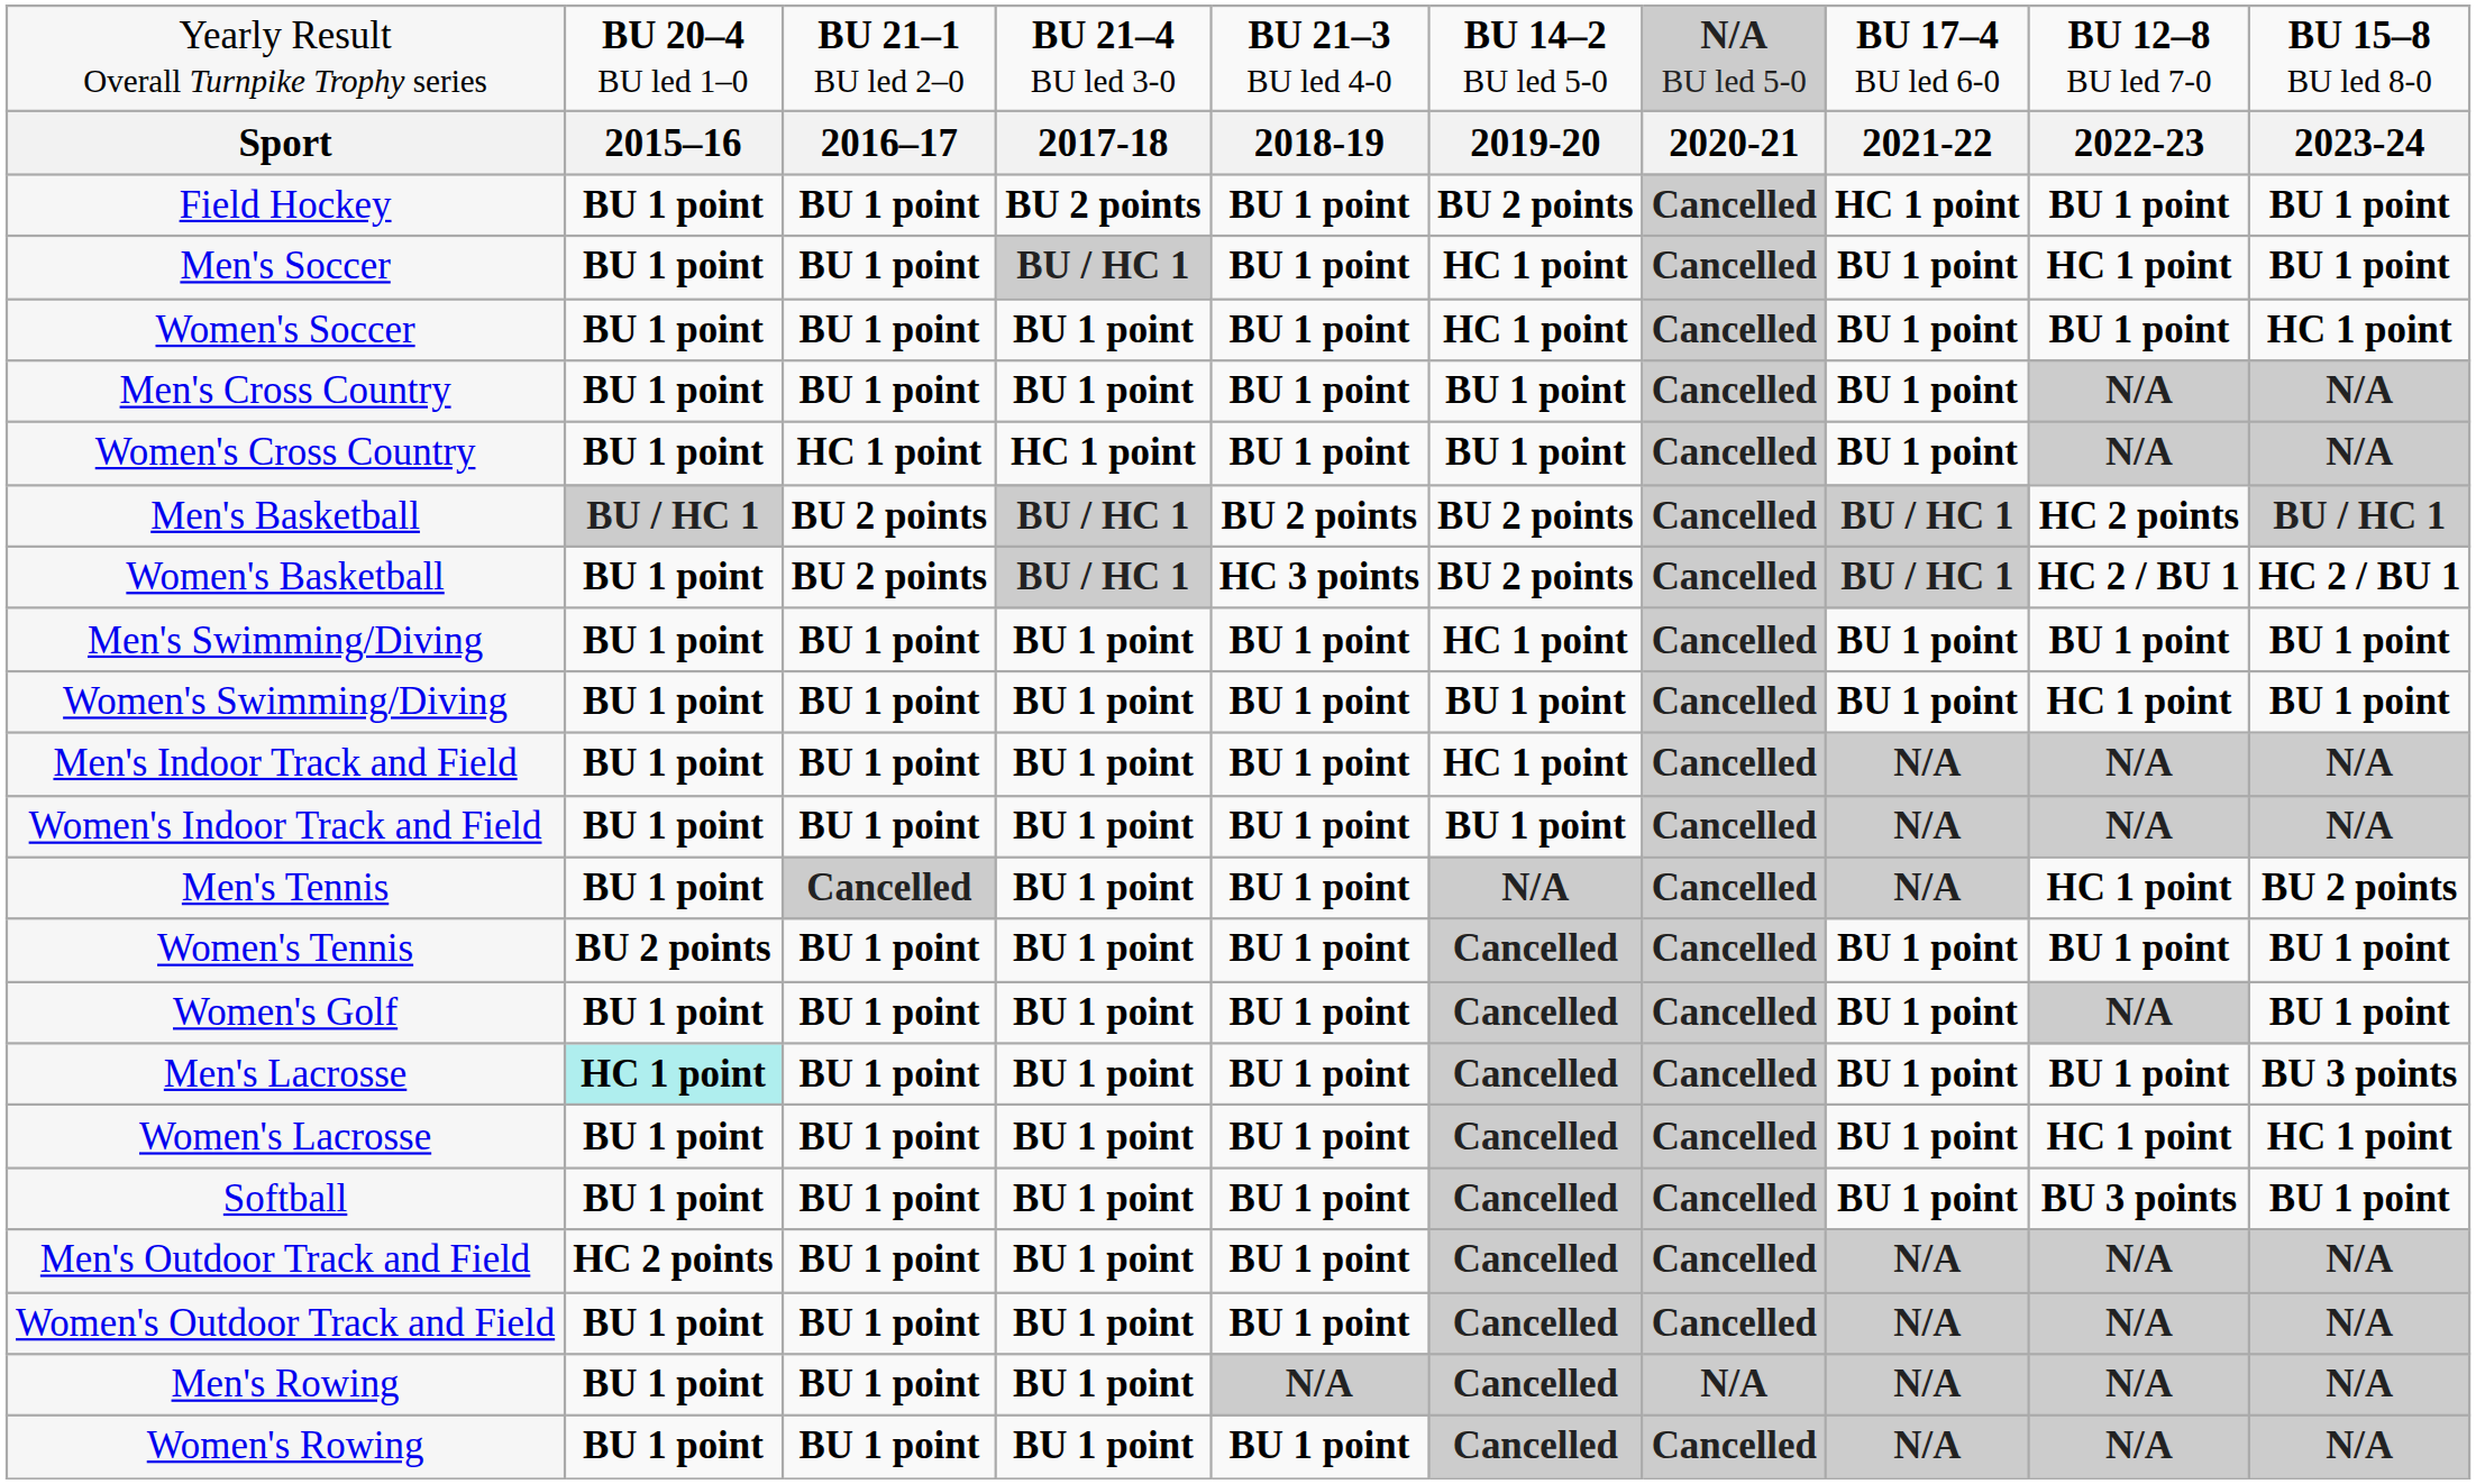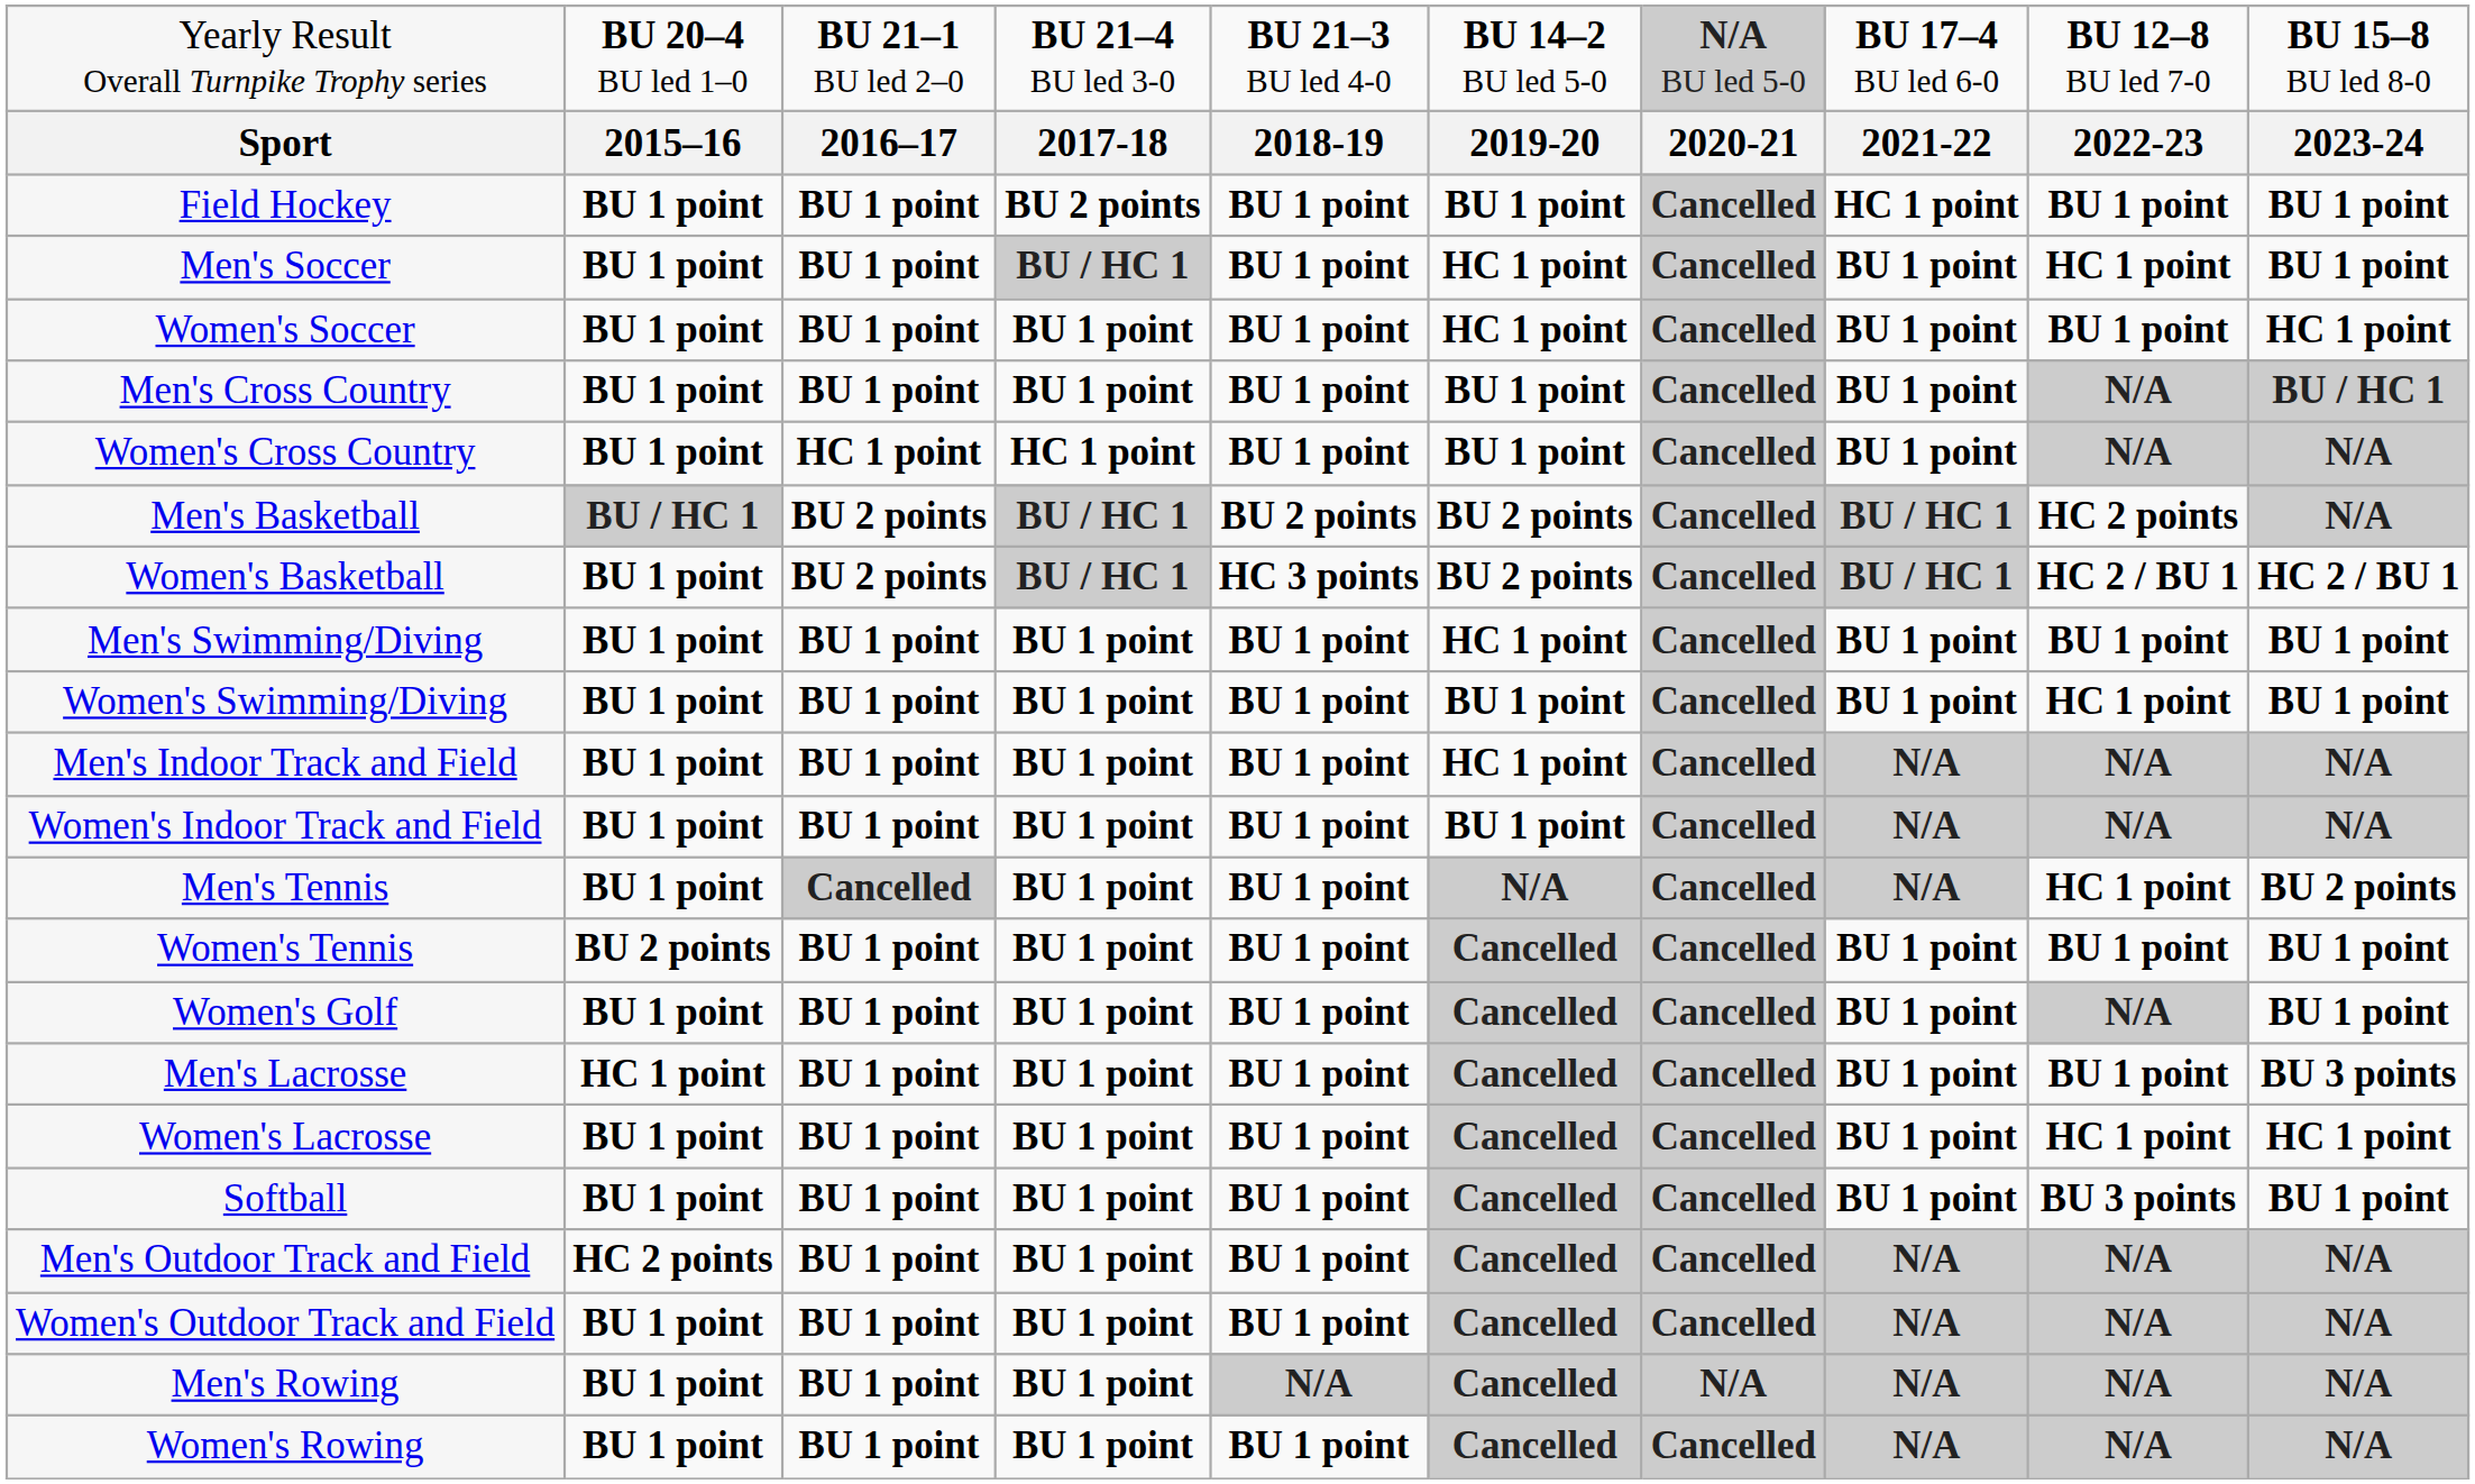 <table class="wikitable" style="margin-left: 1em; margin-bottom: 1em; text-align: center">
 <tr>
 <td style="background: #f6f6f6;">Yearly Result <br><small>Overall <em>Turnpike Trophy</em> series</small></td>
 <td><strong>BU 20–4</strong><br><small>BU led 1–0</small></td>
 <td><strong>BU 21–1</strong><br><small>BU led 2–0</small></td>
 <td><strong>BU 21–4</strong><br><small>BU led 3-0</small></td>
 <td><strong>BU 21–3</strong><br><small>BU led 4-0</small></td>
 <td><strong>BU 14–2</strong><br><small>BU led 5-0</small></td>
 <td style="background:#ccc; color:#222;"><strong>N/A</strong><br><small>BU led 5-0</small></td>
 <td><strong>BU 17–4</strong><br><small>BU led 6-0</small></td>
 <td><strong>BU 12–8</strong><br><small>BU led 7-0</small></td>
 <td><strong>BU 15–8</strong><br><small>BU led 8-0</small></td>
 </tr>
 <tr>
 <th>Sport</th>
 <th>2015–16 </th>
 <th>2016–17 </th>
 <th>2017-18</th>
 <th>2018-19</th>
 <th>2019-20</th>
 <th>2020-21</th>
 <th>2021-22</th>
 <th>2022-23</th>
 <th>2023-24</th>
 </tr>
 <tr>
 <td style="background: #f6f6f6;"><a href='#'>Field Hockey</a></td>
 <td><strong>BU 1 point</strong></td>
 <td><strong>BU 1 point</strong></td>
 <td><strong>BU 2 points</strong></td>
 <td><strong>BU 1 point</strong></td>
-<td><strong>BU 2 points</strong></td>
+<td><strong>BU 1 point</strong></td>
 <td style="background:#ccc; color:#222;"><strong>Cancelled</strong></td>
 <td><strong>HC 1 point</strong></td>
 <td><strong>BU 1 point</strong></td>
 <td><strong>BU 1 point</strong></td>
 </tr>
 <tr>
 <td style="background: #f6f6f6;"><a href='#'>Men's Soccer</a></td>
 <td><strong>BU 1 point</strong></td>
 <td><strong>BU 1 point</strong></td>
 <td style="background:#ccc; color:#222;"><strong>BU / HC 1</strong></td>
 <td><strong>BU 1 point</strong></td>
 <td><strong>HC 1 point</strong></td>
 <td style="background:#ccc; color:#222;"><strong>Cancelled</strong></td>
 <td><strong>BU 1 point</strong></td>
 <td><strong>HC 1 point</strong></td>
 <td><strong>BU 1 point</strong></td>
 </tr>
 <tr>
 <td style="background: #f6f6f6;"><a href='#'>Women's Soccer</a></td>
 <td><strong>BU 1 point</strong></td>
 <td><strong>BU 1 point</strong></td>
 <td><strong>BU 1 point</strong></td>
 <td><strong>BU 1 point</strong></td>
 <td><strong>HC 1 point</strong></td>
 <td style="background:#ccc; color:#222;"><strong>Cancelled</strong></td>
 <td><strong>BU 1 point</strong></td>
 <td><strong>BU 1 point</strong></td>
 <td><strong>HC 1 point</strong></td>
 </tr>
 <tr>
 <td style="background: #f6f6f6;"><a href='#'>Men's Cross Country</a></td>
 <td><strong>BU 1 point</strong></td>
 <td><strong>BU 1 point</strong></td>
 <td><strong>BU 1 point</strong></td>
 <td><strong>BU 1 point</strong></td>
 <td><strong>BU 1 point</strong></td>
 <td style="background:#ccc; color:#222;"><strong>Cancelled</strong></td>
 <td><strong>BU 1 point</strong></td>
 <td style="background:#ccc; color:#222;"><strong>N/A</strong></td>
-<td style="background:#ccc; color:#222;"><strong>N/A</strong></td>
+<td style="background:#ccc; color:#222;"><strong>BU / HC 1</strong></td>
 </tr>
 <tr>
 <td style="background: #f6f6f6;"><a href='#'>Women's Cross Country</a></td>
 <td><strong>BU 1 point</strong></td>
 <td><strong>HC 1 point</strong></td>
 <td><strong>HC 1 point</strong></td>
 <td><strong>BU 1 point</strong></td>
 <td><strong>BU 1 point</strong></td>
 <td style="background:#ccc; color:#222;"><strong>Cancelled</strong></td>
 <td><strong>BU 1 point</strong></td>
 <td style="background:#ccc; color:#222;"><strong>N/A</strong></td>
 <td style="background:#ccc; color:#222;"><strong>N/A</strong></td>
 </tr>
 <tr>
 <td style="background: #f6f6f6;"><a href='#'>Men's Basketball</a></td>
 <td style="background:#ccc; color:#222;"><strong>BU / HC 1</strong></td>
 <td><strong>BU 2 points</strong></td>
 <td style="background:#ccc; color:#222;"><strong>BU / HC 1</strong></td>
 <td><strong>BU 2 points</strong></td>
 <td><strong>BU 2 points</strong></td>
 <td style="background:#ccc; color:#222;"><strong>Cancelled</strong></td>
 <td style="background:#ccc; color:#222;"><strong>BU / HC 1</strong></td>
 <td><strong>HC 2 points</strong></td>
-<td style="background:#ccc; color:#222;"><strong>BU / HC 1</strong></td>
+<td style="background:#ccc; color:#222;"><strong>N/A</strong></td>
 </tr>
 <tr>
 <td style="background: #f6f6f6;"><a href='#'>Women's Basketball</a></td>
 <td><strong>BU 1 point</strong></td>
 <td><strong>BU 2 points</strong></td>
 <td style="background:#ccc; color:#222;"><strong>BU / HC 1</strong></td>
 <td><strong>HC 3 points</strong></td>
 <td><strong>BU 2 points</strong></td>
 <td style="background:#ccc; color:#222;"><strong>Cancelled</strong></td>
 <td style="background:#ccc; color:#222;"><strong>BU / HC 1</strong></td>
 <td><strong>HC 2 / BU 1 </strong></td>
 <td><strong>HC 2 / BU 1 </strong></td>
 </tr>
 <tr>
 <td style="background: #f6f6f6;"><a href='#'>Men's Swimming/Diving</a></td>
 <td><strong>BU 1 point</strong></td>
 <td><strong>BU 1 point</strong></td>
 <td><strong>BU 1 point</strong></td>
 <td><strong>BU 1 point</strong></td>
 <td><strong>HC 1 point</strong></td>
 <td style="background:#ccc; color:#222;"><strong>Cancelled</strong></td>
 <td><strong>BU 1 point</strong></td>
 <td><strong>BU 1 point</strong></td>
 <td><strong>BU 1 point</strong></td>
 </tr>
 <tr>
 <td style="background: #f6f6f6;"><a href='#'>Women's Swimming/Diving</a></td>
 <td><strong>BU 1 point</strong></td>
 <td><strong>BU 1 point</strong></td>
 <td><strong>BU 1 point</strong></td>
 <td><strong>BU 1 point</strong></td>
 <td><strong>BU 1 point</strong></td>
 <td style="background:#ccc; color:#222;"><strong>Cancelled</strong></td>
 <td><strong>BU 1 point</strong></td>
 <td><strong>HC 1 point</strong></td>
 <td><strong>BU 1 point</strong></td>
 </tr>
 <tr>
 <td style="background: #f6f6f6;"><a href='#'>Men's Indoor Track and Field</a></td>
 <td><strong>BU 1 point</strong></td>
 <td><strong>BU 1 point</strong></td>
 <td><strong>BU 1 point</strong></td>
 <td><strong>BU 1 point</strong></td>
 <td><strong>HC 1 point</strong></td>
 <td style="background:#ccc; color:#222;"><strong>Cancelled</strong></td>
 <td style="background:#ccc; color:#222;"><strong>N/A</strong></td>
 <td style="background:#ccc; color:#222;"><strong>N/A</strong></td>
 <td style="background:#ccc; color:#222;"><strong>N/A</strong></td>
 </tr>
 <tr>
 <td style="background: #f6f6f6;"><a href='#'>Women's Indoor Track and Field</a></td>
 <td><strong>BU 1 point</strong></td>
 <td><strong>BU 1 point</strong></td>
 <td><strong>BU 1 point</strong></td>
 <td><strong>BU 1 point</strong></td>
 <td><strong>BU 1 point</strong></td>
 <td style="background:#ccc; color:#222;"><strong>Cancelled</strong></td>
 <td style="background:#ccc; color:#222;"><strong>N/A</strong></td>
 <td style="background:#ccc; color:#222;"><strong>N/A</strong></td>
 <td style="background:#ccc; color:#222;"><strong>N/A</strong></td>
 </tr>
 <tr>
 <td style="background: #f6f6f6;"><a href='#'>Men's Tennis</a></td>
 <td><strong>BU 1 point</strong></td>
 <td style="background:#ccc; color:#222;"><strong>Cancelled</strong></td>
 <td><strong>BU 1 point</strong></td>
 <td><strong>BU 1 point</strong></td>
 <td style="background:#ccc; color:#222;"><strong>N/A</strong></td>
 <td style="background:#ccc; color:#222;"><strong>Cancelled</strong></td>
 <td style="background:#ccc; color:#222;"><strong>N/A</strong></td>
 <td><strong>HC 1 point</strong></td>
 <td><strong>BU 2 points</strong></td>
 </tr>
 <tr>
 <td style="background: #f6f6f6;"><a href='#'>Women's Tennis</a></td>
 <td><strong>BU 2 points</strong></td>
 <td><strong>BU 1 point</strong></td>
 <td><strong>BU 1 point</strong></td>
 <td><strong>BU 1 point</strong></td>
 <td style="background:#ccc; color:#222;"><strong>Cancelled</strong></td>
 <td style="background:#ccc; color:#222;"><strong>Cancelled</strong></td>
 <td><strong>BU 1 point</strong></td>
 <td><strong>BU 1 point</strong></td>
 <td><strong>BU 1 point</strong></td>
 </tr>
 <tr>
 <td style="background: #f6f6f6;"><a href='#'>Women's Golf</a></td>
 <td><strong>BU 1 point</strong></td>
 <td><strong>BU 1 point</strong></td>
 <td><strong>BU 1 point</strong></td>
 <td><strong>BU 1 point</strong></td>
 <td style="background:#ccc; color:#222;"><strong>Cancelled</strong></td>
 <td style="background:#ccc; color:#222;"><strong>Cancelled</strong></td>
 <td><strong>BU 1 point</strong></td>
 <td style="background:#ccc; color:#222;"><strong>N/A</strong></td>
 <td><strong>BU 1 point</strong></td>
 </tr>
 <tr>
 <td style="background: #f6f6f6;"><a href='#'>Men's Lacrosse</a></td>
-<td style="background: paleturquoise;"><strong>HC 1 point</strong></td>
+<td><strong>HC 1 point</strong></td>
 <td><strong>BU 1 point</strong></td>
 <td><strong>BU 1 point</strong></td>
 <td><strong>BU 1 point</strong></td>
 <td style="background:#ccc; color:#222;"><strong>Cancelled</strong></td>
 <td style="background:#ccc; color:#222;"><strong>Cancelled</strong></td>
 <td><strong>BU 1 point</strong></td>
 <td><strong>BU 1 point</strong></td>
 <td><strong>BU 3 points</strong></td>
 </tr>
 <tr>
 <td style="background: #f6f6f6;"><a href='#'>Women's Lacrosse</a></td>
 <td><strong>BU 1 point</strong></td>
 <td><strong>BU 1 point</strong></td>
 <td><strong>BU 1 point</strong></td>
 <td><strong>BU 1 point</strong></td>
 <td style="background:#ccc; color:#222;"><strong>Cancelled</strong></td>
 <td style="background:#ccc; color:#222;"><strong>Cancelled</strong></td>
 <td><strong>BU 1 point</strong></td>
 <td><strong>HC 1 point</strong></td>
 <td><strong>HC 1 point</strong></td>
 </tr>
 <tr>
 <td style="background: #f6f6f6;"><a href='#'>Softball</a></td>
 <td><strong>BU 1 point</strong></td>
 <td><strong>BU 1 point</strong></td>
 <td><strong>BU 1 point</strong></td>
 <td><strong>BU 1 point</strong></td>
 <td style="background:#ccc; color:#222;"><strong>Cancelled</strong></td>
 <td style="background:#ccc; color:#222;"><strong>Cancelled</strong></td>
 <td><strong>BU 1 point</strong></td>
 <td><strong>BU 3 points</strong></td>
 <td><strong>BU 1 point</strong></td>
 </tr>
 <tr>
 <td style="background: #f6f6f6;"><a href='#'>Men's Outdoor Track and Field</a></td>
 <td><strong>HC 2 points</strong></td>
 <td><strong>BU 1 point</strong></td>
 <td><strong>BU 1 point</strong></td>
 <td><strong>BU 1 point</strong></td>
 <td style="background:#ccc; color:#222;"><strong>Cancelled</strong></td>
 <td style="background:#ccc; color:#222;"><strong>Cancelled</strong></td>
 <td style="background:#ccc; color:#222;"><strong>N/A</strong></td>
 <td style="background:#ccc; color:#222;"><strong>N/A</strong></td>
 <td style="background:#ccc; color:#222;"><strong>N/A</strong></td>
 </tr>
 <tr>
 <td style="background: #f6f6f6;"><a href='#'>Women's Outdoor Track and Field</a></td>
 <td><strong>BU 1 point</strong></td>
 <td><strong>BU 1 point</strong></td>
 <td><strong>BU 1 point</strong></td>
 <td><strong>BU 1 point</strong></td>
 <td style="background:#ccc; color:#222;"><strong>Cancelled</strong></td>
 <td style="background:#ccc; color:#222;"><strong>Cancelled</strong></td>
 <td style="background:#ccc; color:#222;"><strong>N/A</strong></td>
 <td style="background:#ccc; color:#222;"><strong>N/A</strong></td>
 <td style="background:#ccc; color:#222;"><strong>N/A</strong></td>
 </tr>
 <tr>
 <td style="background: #f6f6f6;"><a href='#'>Men's Rowing</a></td>
 <td><strong>BU 1 point</strong></td>
 <td><strong>BU 1 point</strong></td>
 <td><strong>BU 1 point</strong></td>
 <td style="background:#ccc; color:#222;"><strong>N/A</strong></td>
 <td style="background:#ccc; color:#222;"><strong>Cancelled</strong></td>
 <td style="background:#ccc; color:#222;"><strong>N/A</strong></td>
 <td style="background:#ccc; color:#222;"><strong>N/A</strong></td>
 <td style="background:#ccc; color:#222;"><strong>N/A</strong></td>
 <td style="background:#ccc; color:#222;"><strong>N/A</strong></td>
 </tr>
 <tr>
 <td style="background: #f6f6f6;"><a href='#'>Women's Rowing</a></td>
 <td><strong>BU 1 point</strong></td>
 <td><strong>BU 1 point</strong></td>
 <td><strong>BU 1 point</strong></td>
 <td><strong>BU 1 point</strong></td>
 <td style="background:#ccc; color:#222;"><strong>Cancelled</strong></td>
 <td style="background:#ccc; color:#222;"><strong>Cancelled</strong></td>
 <td style="background:#ccc; color:#222;"><strong>N/A</strong></td>
 <td style="background:#ccc; color:#222;"><strong>N/A</strong></td>
 <td style="background:#ccc; color:#222;"><strong>N/A</strong></td>
 </tr>
 </table>
